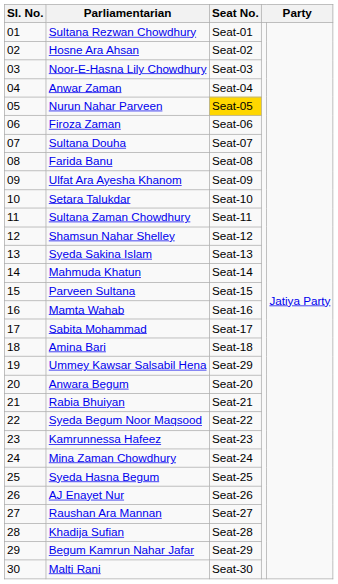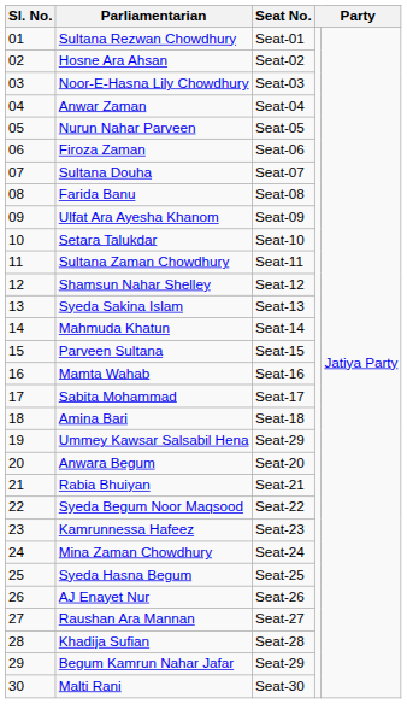 <table class="wikitable sortable">
 <tr>
 <th>Sl. No.</th>
 <th>Parliamentarian</th>
 <th>Seat No.</th>
 <th colspan="2">Party</th>
 </tr>
 <tr>
 <td>01</td>
 <td><a href='#'>Sultana Rezwan Chowdhury</a></td>
 <td>Seat-01</td>
 <td rowspan="30" style="background-color:"></td>
 <td rowspan="30"><a href='#'>Jatiya Party</a></td>
 </tr>
 <tr>
 <td>02</td>
 <td><a href='#'>Hosne Ara Ahsan</a></td>
 <td>Seat-02</td>
 </tr>
 <tr>
 <td>03</td>
 <td><a href='#'>Noor-E-Hasna Lily Chowdhury</a></td>
 <td>Seat-03</td>
 </tr>
 <tr>
 <td>04</td>
 <td><a href='#'>Anwar Zaman</a></td>
 <td>Seat-04</td>
 </tr>
 <tr>
 <td>05</td>
 <td><a href='#'>Nurun Nahar Parveen</a></td>
-<td style="background: gold;">Seat-05</td>
+<td>Seat-05</td>
 </tr>
 <tr>
 <td>06</td>
 <td><a href='#'>Firoza Zaman</a></td>
 <td>Seat-06</td>
 </tr>
 <tr>
 <td>07</td>
 <td><a href='#'>Sultana Douha</a></td>
 <td>Seat-07</td>
 </tr>
 <tr>
 <td>08</td>
 <td><a href='#'>Farida Banu</a></td>
 <td>Seat-08</td>
 </tr>
 <tr>
 <td>09</td>
 <td><a href='#'>Ulfat Ara Ayesha Khanom</a></td>
 <td>Seat-09</td>
 </tr>
 <tr>
 <td>10</td>
 <td><a href='#'>Setara Talukdar</a></td>
 <td>Seat-10</td>
 </tr>
 <tr>
 <td>11</td>
 <td><a href='#'>Sultana Zaman Chowdhury</a></td>
 <td>Seat-11</td>
 </tr>
 <tr>
 <td>12</td>
 <td><a href='#'>Shamsun Nahar Shelley</a></td>
 <td>Seat-12</td>
 </tr>
 <tr>
 <td>13</td>
 <td><a href='#'>Syeda Sakina Islam</a></td>
 <td>Seat-13</td>
 </tr>
 <tr>
 <td>14</td>
 <td><a href='#'>Mahmuda Khatun</a></td>
 <td>Seat-14</td>
 </tr>
 <tr>
 <td>15</td>
 <td><a href='#'>Parveen Sultana</a></td>
 <td>Seat-15</td>
 </tr>
 <tr>
 <td>16</td>
 <td><a href='#'>Mamta Wahab</a></td>
 <td>Seat-16</td>
 </tr>
 <tr>
 <td>17</td>
 <td><a href='#'>Sabita Mohammad</a></td>
 <td>Seat-17</td>
 </tr>
 <tr>
 <td>18</td>
 <td><a href='#'>Amina Bari</a></td>
 <td>Seat-18</td>
 </tr>
 <tr>
 <td>19</td>
 <td><a href='#'>Ummey Kawsar Salsabil Hena</a></td>
 <td>Seat-29</td>
 </tr>
 <tr>
 <td>20</td>
 <td><a href='#'>Anwara Begum</a></td>
 <td>Seat-20</td>
 </tr>
 <tr>
 <td>21</td>
 <td><a href='#'>Rabia Bhuiyan</a></td>
 <td>Seat-21</td>
 </tr>
 <tr>
 <td>22</td>
 <td><a href='#'>Syeda Begum Noor Maqsood</a></td>
 <td>Seat-22</td>
 </tr>
 <tr>
 <td>23</td>
 <td><a href='#'>Kamrunnessa Hafeez</a></td>
 <td>Seat-23</td>
 </tr>
 <tr>
 <td>24</td>
 <td><a href='#'>Mina Zaman Chowdhury</a></td>
 <td>Seat-24</td>
 </tr>
 <tr>
 <td>25</td>
 <td><a href='#'>Syeda Hasna Begum</a></td>
 <td>Seat-25</td>
 </tr>
 <tr>
 <td>26</td>
 <td><a href='#'>AJ Enayet Nur</a></td>
 <td>Seat-26</td>
 </tr>
 <tr>
 <td>27</td>
 <td><a href='#'>Raushan Ara Mannan</a></td>
 <td>Seat-27</td>
 </tr>
 <tr>
 <td>28</td>
 <td><a href='#'>Khadija Sufian</a></td>
 <td>Seat-28</td>
 </tr>
 <tr>
 <td>29</td>
 <td><a href='#'>Begum Kamrun Nahar Jafar</a></td>
 <td>Seat-29</td>
 </tr>
 <tr>
 <td>30</td>
 <td><a href='#'>Malti Rani</a></td>
 <td>Seat-30</td>
 </tr>
 </table>
